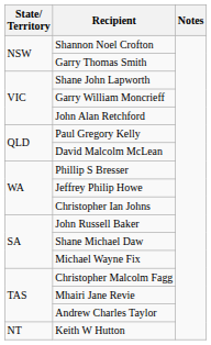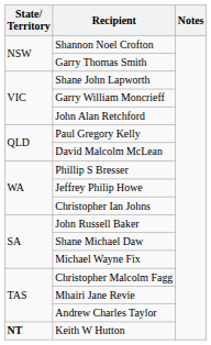 <table class="wikitable" style="font-size:95%;">
 <tr>
 <th>State/<br>Territory</th>
 <th>Recipient</th>
 <th>Notes</th>
 </tr>
 <tr>
 <td rowspan=2>NSW</td>
 <td>Shannon Noel Crofton</td>
 <td rowspan=17></td>
 </tr>
 <tr>
 <td>Garry Thomas Smith </td>
 </tr>
 <tr>
 <td rowspan=3>VIC</td>
 <td>Shane John Lapworth</td>
 </tr>
 <tr>
 <td>Garry William Moncrieff</td>
 </tr>
 <tr>
 <td>John Alan Retchford</td>
 </tr>
 <tr>
 <td rowspan=2>QLD</td>
 <td>Paul Gregory Kelly</td>
 </tr>
 <tr>
 <td>David Malcolm McLean</td>
 </tr>
 <tr>
 <td rowspan=3>WA</td>
 <td>Phillip S Bresser</td>
 </tr>
 <tr>
 <td>Jeffrey Philip Howe</td>
 </tr>
 <tr>
 <td>Christopher Ian Johns</td>
 </tr>
 <tr>
 <td rowspan=3>SA</td>
 <td>John Russell Baker</td>
 </tr>
 <tr>
 <td>Shane Michael Daw</td>
 </tr>
 <tr>
 <td>Michael Wayne Fix</td>
 </tr>
 <tr>
 <td rowspan=3>TAS</td>
 <td>Christopher Malcolm Fagg </td>
 </tr>
 <tr>
 <td>Mhairi Jane Revie</td>
 </tr>
 <tr>
 <td>Andrew Charles Taylor </td>
 </tr>
 <tr>
-<td>NT</td>
+<td><strong>NT</strong></td>
 <td>Keith W Hutton</td>
 </tr>
 </table>
